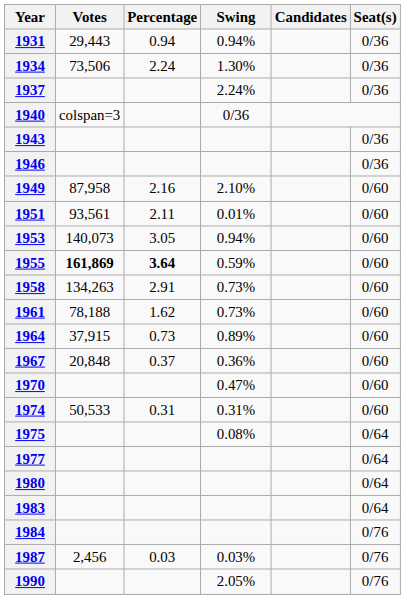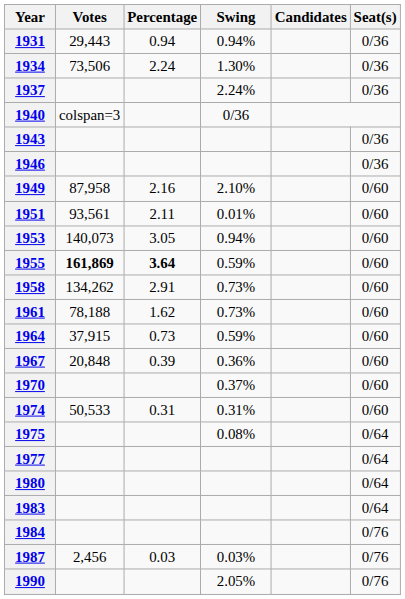 <table class="wikitable" style="text-align:center; font-size:95%">
 <tr>
 <th style="width: 45px;">Year</th>
 <th style="width: 55px;">Votes</th>
 <th>Percentage</th>
 <th style="width: 65px;">Swing</th>
 <th>Candidates</th>
 <th>Seat(s)</th>
 </tr>
 <tr>
 <th><a href='#'>1931</a></th>
 <td>29,443</td>
 <td>0.94</td>
 <td> 0.94%</td>
 <td></td>
 <td>0/36</td>
 </tr>
 <tr>
 <th><a href='#'>1934</a></th>
 <td>73,506</td>
 <td>2.24</td>
 <td> 1.30%</td>
 <td></td>
 <td>0/36</td>
 </tr>
 <tr>
 <th><a href='#'>1937</a></th>
 <td></td>
 <td></td>
 <td> 2.24%</td>
 <td></td>
 <td>0/36</td>
 </tr>
 <tr>
 <th><a href='#'>1940</a></th>
 <td>colspan=3 </td>
 <td></td>
 <td>0/36</td>
 </tr>
 <tr>
 <th><a href='#'>1943</a></th>
 <td></td>
 <td></td>
 <td></td>
 <td></td>
 <td>0/36</td>
 </tr>
 <tr>
 <th><a href='#'>1946</a></th>
 <td></td>
 <td></td>
 <td></td>
 <td></td>
 <td>0/36</td>
 </tr>
 <tr>
 <th><a href='#'>1949</a></th>
 <td>87,958</td>
 <td>2.16</td>
 <td> 2.10%</td>
 <td></td>
 <td>0/60</td>
 </tr>
 <tr>
 <th><a href='#'>1951</a></th>
 <td>93,561</td>
 <td>2.11</td>
 <td> 0.01%</td>
 <td></td>
 <td>0/60</td>
 </tr>
 <tr>
 <th><a href='#'>1953</a></th>
 <td>140,073</td>
 <td>3.05</td>
 <td> 0.94%</td>
 <td></td>
 <td>0/60</td>
 </tr>
 <tr>
 <th><a href='#'>1955</a></th>
 <td><strong>161,869</strong></td>
 <td><strong>3.64</strong></td>
 <td> 0.59%</td>
 <td></td>
 <td>0/60</td>
 </tr>
 <tr>
 <th><a href='#'>1958</a></th>
-<td>134,263</td>
+<td>134,262</td>
 <td>2.91</td>
 <td> 0.73%</td>
 <td></td>
 <td>0/60</td>
 </tr>
 <tr>
 <th><a href='#'>1961</a></th>
 <td>78,188</td>
 <td>1.62</td>
 <td> 0.73%</td>
 <td></td>
 <td>0/60</td>
 </tr>
 <tr>
 <th><a href='#'>1964</a></th>
 <td>37,915</td>
 <td>0.73</td>
-<td> 0.89%</td>
+<td> 0.59%</td>
 <td></td>
 <td>0/60</td>
 </tr>
 <tr>
 <th><a href='#'>1967</a></th>
 <td>20,848</td>
-<td>0.37</td>
+<td>0.39</td>
 <td> 0.36%</td>
 <td></td>
 <td>0/60</td>
 </tr>
 <tr>
 <th><a href='#'>1970</a></th>
 <td></td>
 <td></td>
-<td> 0.47%</td>
+<td> 0.37%</td>
 <td></td>
 <td>0/60</td>
 </tr>
 <tr>
 <th><a href='#'>1974</a></th>
 <td>50,533</td>
 <td>0.31</td>
 <td> 0.31%</td>
 <td></td>
 <td>0/60</td>
 </tr>
 <tr>
 <th><a href='#'>1975</a></th>
 <td></td>
 <td></td>
 <td> 0.08%</td>
 <td></td>
 <td>0/64</td>
 </tr>
 <tr>
 <th><a href='#'>1977</a></th>
 <td></td>
 <td></td>
 <td></td>
 <td></td>
 <td>0/64</td>
 </tr>
 <tr>
 <th><a href='#'>1980</a></th>
 <td></td>
 <td></td>
 <td></td>
 <td></td>
 <td>0/64</td>
 </tr>
 <tr>
 <th><a href='#'>1983</a></th>
 <td></td>
 <td></td>
 <td></td>
 <td></td>
 <td>0/64</td>
 </tr>
 <tr>
 <th><a href='#'>1984</a></th>
 <td></td>
 <td></td>
 <td></td>
 <td></td>
 <td>0/76</td>
 </tr>
 <tr>
 <th><a href='#'>1987</a></th>
 <td>2,456</td>
 <td>0.03</td>
 <td> 0.03%</td>
 <td></td>
 <td>0/76</td>
 </tr>
 <tr>
 <th><a href='#'>1990</a></th>
 <td></td>
 <td></td>
 <td> 2.05%</td>
 <td></td>
 <td>0/76</td>
 </tr>
 </table>
